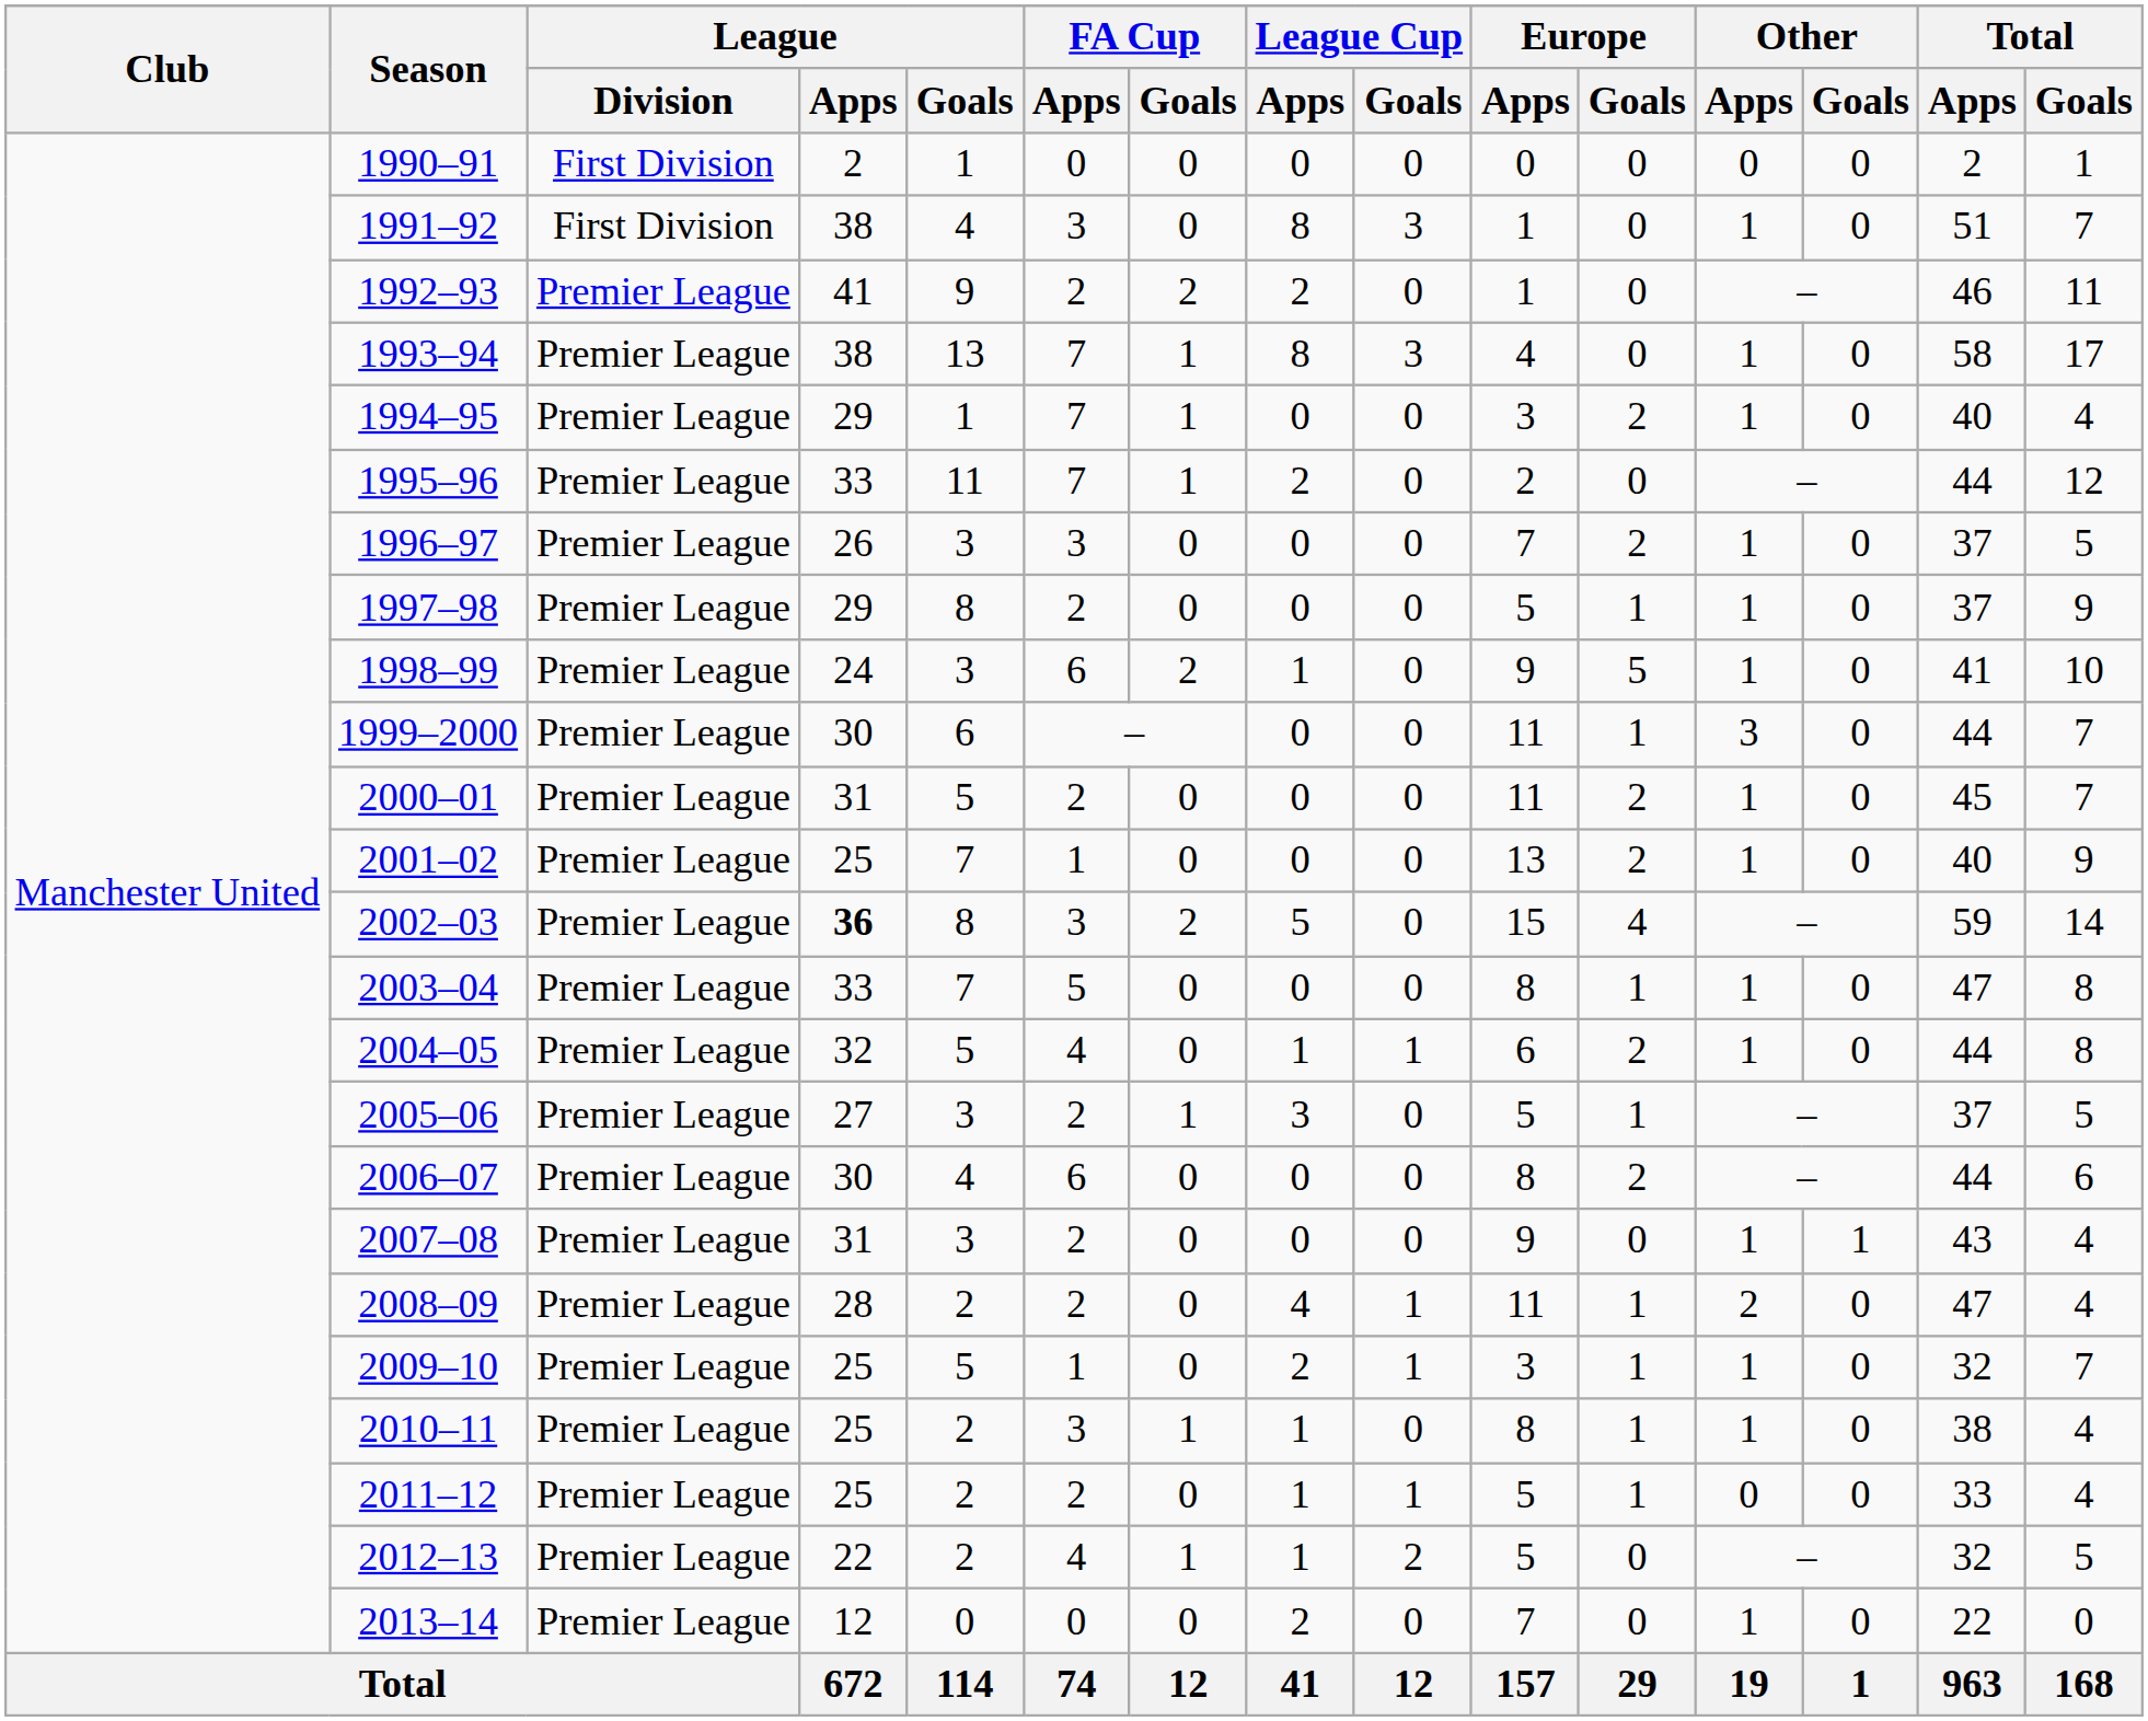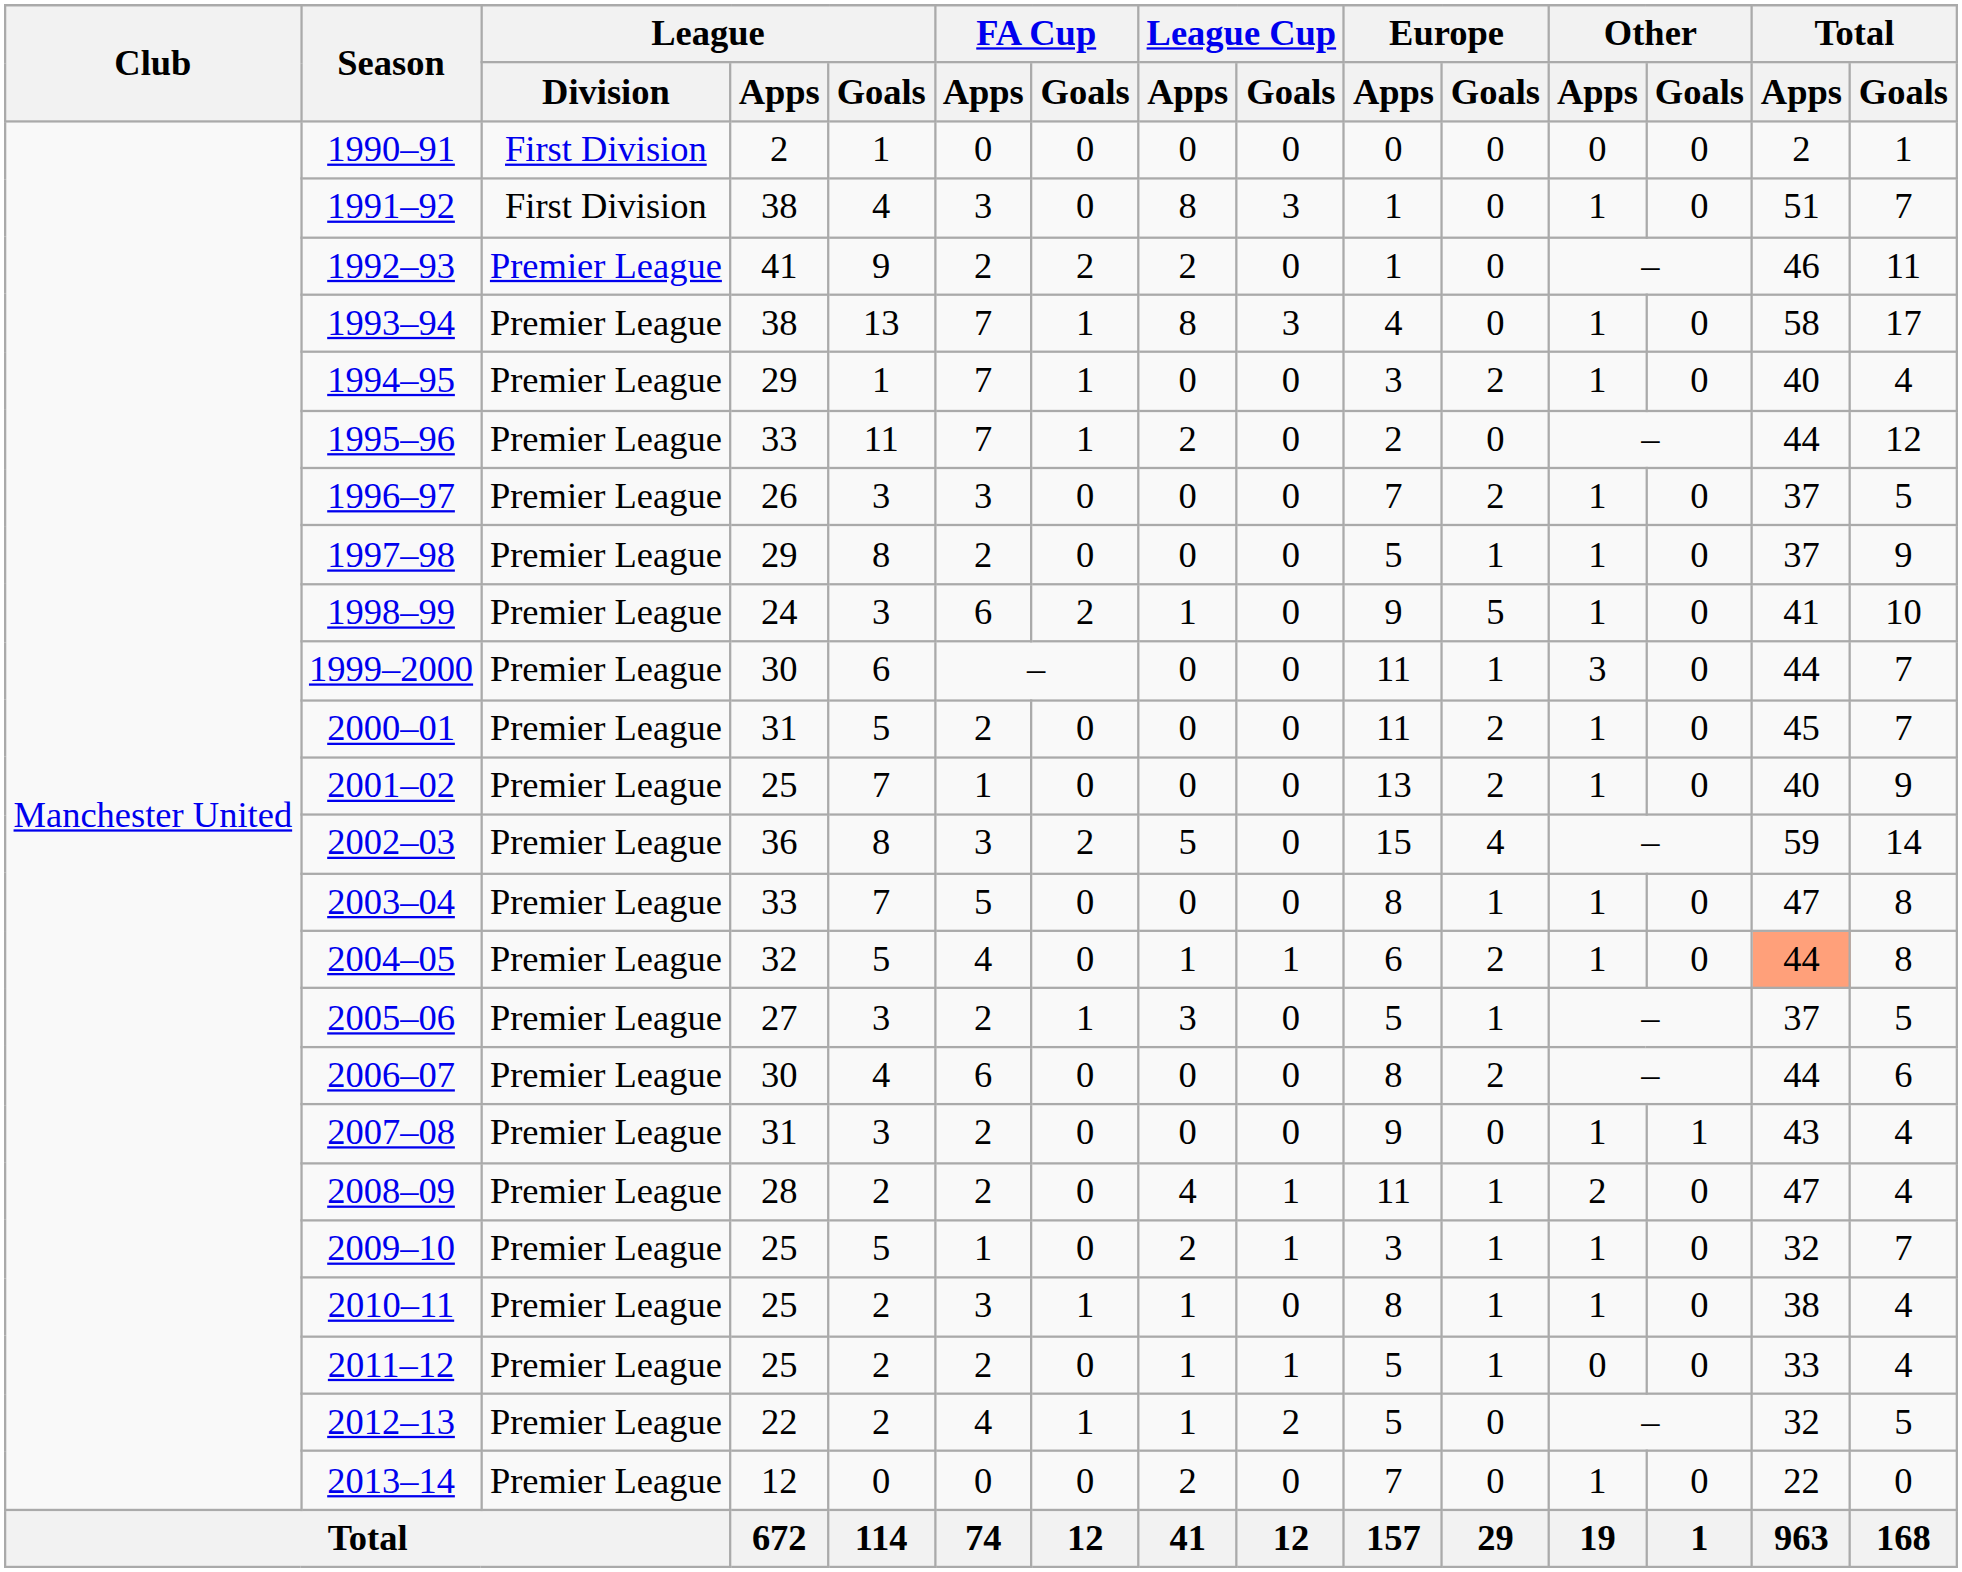 <table class="wikitable" style="text-align:center">
 <tr>
 </tr>
 <tr>
 <th rowspan="2">Club</th>
 <th rowspan="2">Season</th>
 <th colspan="3">League</th>
 <th colspan="2"><a href='#'>FA Cup</a></th>
 <th colspan="2"><a href='#'>League Cup</a></th>
 <th colspan="2">Europe</th>
 <th colspan="2">Other</th>
 <th colspan="2">Total</th>
 </tr>
 <tr>
 <th>Division</th>
 <th>Apps</th>
 <th>Goals</th>
 <th>Apps</th>
 <th>Goals</th>
 <th>Apps</th>
 <th>Goals</th>
 <th>Apps</th>
 <th>Goals</th>
 <th>Apps</th>
 <th>Goals</th>
 <th>Apps</th>
 <th>Goals</th>
 </tr>
 <tr>
 <td rowspan="24"><a href='#'>Manchester United</a></td>
 <td><a href='#'>1990–91</a></td>
 <td><a href='#'>First Division</a></td>
 <td>2</td>
 <td>1</td>
 <td>0</td>
 <td>0</td>
 <td>0</td>
 <td>0</td>
 <td>0</td>
 <td>0</td>
 <td>0</td>
 <td>0</td>
 <td>2</td>
 <td>1</td>
 </tr>
 <tr>
 <td><a href='#'>1991–92</a></td>
 <td>First Division</td>
 <td>38</td>
 <td>4</td>
 <td>3</td>
 <td>0</td>
 <td>8</td>
 <td>3</td>
 <td>1</td>
 <td>0</td>
 <td>1</td>
 <td>0</td>
 <td>51</td>
 <td>7</td>
 </tr>
 <tr>
 <td><a href='#'>1992–93</a></td>
 <td><a href='#'>Premier League</a></td>
 <td>41</td>
 <td>9</td>
 <td>2</td>
 <td>2</td>
 <td>2</td>
 <td>0</td>
 <td>1</td>
 <td>0</td>
 <td colspan="2">–</td>
 <td>46</td>
 <td>11</td>
 </tr>
 <tr>
 <td><a href='#'>1993–94</a></td>
 <td>Premier League</td>
 <td>38</td>
 <td>13</td>
 <td>7</td>
 <td>1</td>
 <td>8</td>
 <td>3</td>
 <td>4</td>
 <td>0</td>
 <td>1</td>
 <td>0</td>
 <td>58</td>
 <td>17</td>
 </tr>
 <tr>
 <td><a href='#'>1994–95</a></td>
 <td>Premier League</td>
 <td>29</td>
 <td>1</td>
 <td>7</td>
 <td>1</td>
 <td>0</td>
 <td>0</td>
 <td>3</td>
 <td>2</td>
 <td>1</td>
 <td>0</td>
 <td>40</td>
 <td>4</td>
 </tr>
 <tr>
 <td><a href='#'>1995–96</a></td>
 <td>Premier League</td>
 <td>33</td>
 <td>11</td>
 <td>7</td>
 <td>1</td>
 <td>2</td>
 <td>0</td>
 <td>2</td>
 <td>0</td>
 <td colspan="2">–</td>
 <td>44</td>
 <td>12</td>
 </tr>
 <tr>
 <td><a href='#'>1996–97</a></td>
 <td>Premier League</td>
 <td>26</td>
 <td>3</td>
 <td>3</td>
 <td>0</td>
 <td>0</td>
 <td>0</td>
 <td>7</td>
 <td>2</td>
 <td>1</td>
 <td>0</td>
 <td>37</td>
 <td>5</td>
 </tr>
 <tr>
 <td><a href='#'>1997–98</a></td>
 <td>Premier League</td>
 <td>29</td>
 <td>8</td>
 <td>2</td>
 <td>0</td>
 <td>0</td>
 <td>0</td>
 <td>5</td>
 <td>1</td>
 <td>1</td>
 <td>0</td>
 <td>37</td>
 <td>9</td>
 </tr>
 <tr>
 <td><a href='#'>1998–99</a></td>
 <td>Premier League</td>
 <td>24</td>
 <td>3</td>
 <td>6</td>
 <td>2</td>
 <td>1</td>
 <td>0</td>
 <td>9</td>
 <td>5</td>
 <td>1</td>
 <td>0</td>
 <td>41</td>
 <td>10</td>
 </tr>
 <tr>
 <td><a href='#'>1999–2000</a></td>
 <td>Premier League</td>
 <td>30</td>
 <td>6</td>
 <td colspan="2">–</td>
 <td>0</td>
 <td>0</td>
 <td>11</td>
 <td>1</td>
 <td>3</td>
 <td>0</td>
 <td>44</td>
 <td>7</td>
 </tr>
 <tr>
 <td><a href='#'>2000–01</a></td>
 <td>Premier League</td>
 <td>31</td>
 <td>5</td>
 <td>2</td>
 <td>0</td>
 <td>0</td>
 <td>0</td>
 <td>11</td>
 <td>2</td>
 <td>1</td>
 <td>0</td>
 <td>45</td>
 <td>7</td>
 </tr>
 <tr>
 <td><a href='#'>2001–02</a></td>
 <td>Premier League</td>
 <td>25</td>
 <td>7</td>
 <td>1</td>
 <td>0</td>
 <td>0</td>
 <td>0</td>
 <td>13</td>
 <td>2</td>
 <td>1</td>
 <td>0</td>
 <td>40</td>
 <td>9</td>
 </tr>
 <tr>
 <td><a href='#'>2002–03</a></td>
 <td>Premier League</td>
-<td><strong>36</strong></td>
+<td>36</td>
 <td>8</td>
 <td>3</td>
 <td>2</td>
 <td>5</td>
 <td>0</td>
 <td>15</td>
 <td>4</td>
 <td colspan="2">–</td>
 <td>59</td>
 <td>14</td>
 </tr>
 <tr>
 <td><a href='#'>2003–04</a></td>
 <td>Premier League</td>
 <td>33</td>
 <td>7</td>
 <td>5</td>
 <td>0</td>
 <td>0</td>
 <td>0</td>
 <td>8</td>
 <td>1</td>
 <td>1</td>
 <td>0</td>
 <td>47</td>
 <td>8</td>
 </tr>
 <tr>
 <td><a href='#'>2004–05</a></td>
 <td>Premier League</td>
 <td>32</td>
 <td>5</td>
 <td>4</td>
 <td>0</td>
 <td>1</td>
 <td>1</td>
 <td>6</td>
 <td>2</td>
 <td>1</td>
 <td>0</td>
-<td>44</td>
+<td style="background: lightsalmon;">44</td>
 <td>8</td>
 </tr>
 <tr>
 <td><a href='#'>2005–06</a></td>
 <td>Premier League</td>
 <td>27</td>
 <td>3</td>
 <td>2</td>
 <td>1</td>
 <td>3</td>
 <td>0</td>
 <td>5</td>
 <td>1</td>
 <td colspan="2">–</td>
 <td>37</td>
 <td>5</td>
 </tr>
 <tr>
 <td><a href='#'>2006–07</a></td>
 <td>Premier League</td>
 <td>30</td>
 <td>4</td>
 <td>6</td>
 <td>0</td>
 <td>0</td>
 <td>0</td>
 <td>8</td>
 <td>2</td>
 <td colspan="2">–</td>
 <td>44</td>
 <td>6</td>
 </tr>
 <tr>
 <td><a href='#'>2007–08</a></td>
 <td>Premier League</td>
 <td>31</td>
 <td>3</td>
 <td>2</td>
 <td>0</td>
 <td>0</td>
 <td>0</td>
 <td>9</td>
 <td>0</td>
 <td>1</td>
 <td>1</td>
 <td>43</td>
 <td>4</td>
 </tr>
 <tr>
 <td><a href='#'>2008–09</a></td>
 <td>Premier League</td>
 <td>28</td>
 <td>2</td>
 <td>2</td>
 <td>0</td>
 <td>4</td>
 <td>1</td>
 <td>11</td>
 <td>1</td>
 <td>2</td>
 <td>0</td>
 <td>47</td>
 <td>4</td>
 </tr>
 <tr>
 <td><a href='#'>2009–10</a></td>
 <td>Premier League</td>
 <td>25</td>
 <td>5</td>
 <td>1</td>
 <td>0</td>
 <td>2</td>
 <td>1</td>
 <td>3</td>
 <td>1</td>
 <td>1</td>
 <td>0</td>
 <td>32</td>
 <td>7</td>
 </tr>
 <tr>
 <td><a href='#'>2010–11</a></td>
 <td>Premier League</td>
 <td>25</td>
 <td>2</td>
 <td>3</td>
 <td>1</td>
 <td>1</td>
 <td>0</td>
 <td>8</td>
 <td>1</td>
 <td>1</td>
 <td>0</td>
 <td>38</td>
 <td>4</td>
 </tr>
 <tr>
 <td><a href='#'>2011–12</a></td>
 <td>Premier League</td>
 <td>25</td>
 <td>2</td>
 <td>2</td>
 <td>0</td>
 <td>1</td>
 <td>1</td>
 <td>5</td>
 <td>1</td>
 <td>0</td>
 <td>0</td>
 <td>33</td>
 <td>4</td>
 </tr>
 <tr>
 <td><a href='#'>2012–13</a></td>
 <td>Premier League</td>
 <td>22</td>
 <td>2</td>
 <td>4</td>
 <td>1</td>
 <td>1</td>
 <td>2</td>
 <td>5</td>
 <td>0</td>
 <td colspan="2">–</td>
 <td>32</td>
 <td>5</td>
 </tr>
 <tr>
 <td><a href='#'>2013–14</a></td>
 <td>Premier League</td>
 <td>12</td>
 <td>0</td>
 <td>0</td>
 <td>0</td>
 <td>2</td>
 <td>0</td>
 <td>7</td>
 <td>0</td>
 <td>1</td>
 <td>0</td>
 <td>22</td>
 <td>0</td>
 </tr>
 <tr>
 <th colspan="3">Total</th>
 <th>672</th>
 <th>114</th>
 <th>74</th>
 <th>12</th>
 <th>41</th>
 <th>12</th>
 <th>157</th>
 <th>29</th>
 <th>19</th>
 <th>1</th>
 <th>963</th>
 <th>168</th>
 </tr>
 </table>
